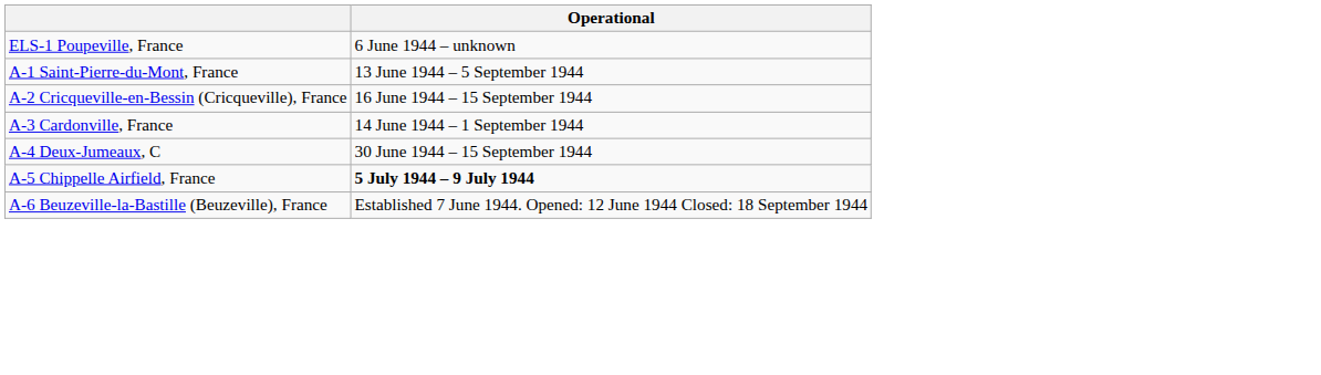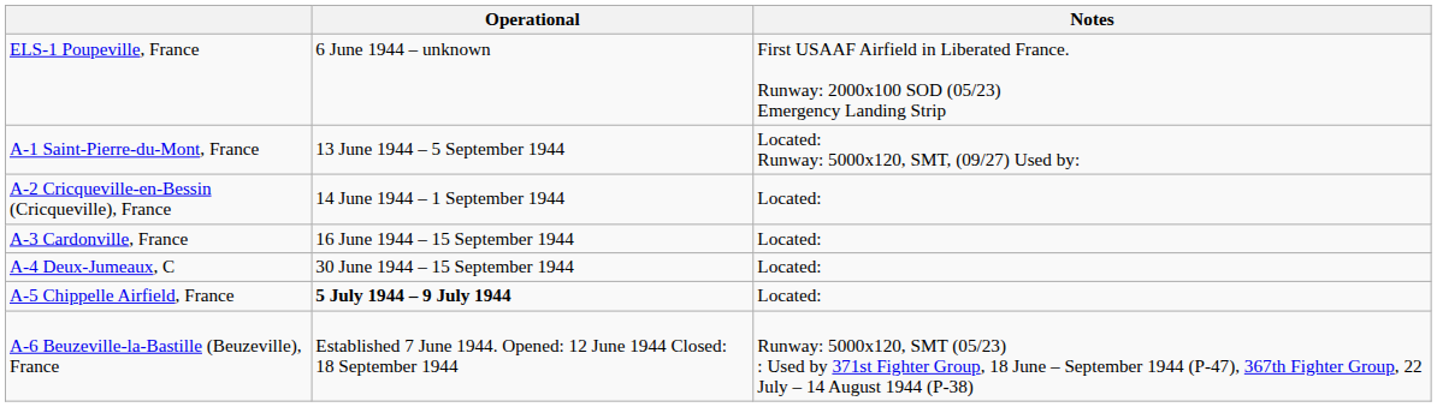 <table class="wikitable">
 <tr>
 <th></th>
 <th>Operational</th>
+<th>Notes</th>
 </tr>
 <tr valign=top>
 <td><a href='#'>ELS-1 Poupeville</a>, France</td>
 <td>6 June 1944 – unknown</td>
+<td>First USAAF Airfield in Liberated France.<br> <br>Runway: 2000x100 SOD (05/23)<br>Emergency Landing Strip</td>
 </tr>
 <tr>
 <td><a href='#'>A-1 Saint-Pierre-du-Mont</a>, France</td>
 <td>13 June 1944 – 5 September 1944</td>
+<td>Located: <br>Runway: 5000x120, SMT, (09/27) Used by:</td>
 </tr>
 <tr>
 <td><a href='#'>A-2 Cricqueville-en-Bessin</a> (Cricqueville), France</td>
-<td>16 June 1944 – 15 September 1944</td>
+<td>14 June 1944 – 1 September 1944</td>
+<td>Located: <br></td>
 </tr>
 <tr>
 <td><a href='#'>A-3 Cardonville</a>, France</td>
-<td>14 June 1944 – 1 September 1944</td>
+<td>16 June 1944 – 15 September 1944</td>
+<td>Located: <br></td>
 </tr>
 <tr>
 <td><a href='#'>A-4 Deux-Jumeaux</a>, C</td>
 <td>30 June 1944 – 15 September 1944</td>
+<td>Located: <br></td>
 </tr>
 <tr>
 <td><a href='#'>A-5 Chippelle Airfield</a>, France</td>
 <td><strong>5 July 1944 – 9 July 1944</strong></td>
+<td>Located: <br></td>
 </tr>
 <tr>
 <td><a href='#'>A-6 Beuzeville-la-Bastille</a> (Beuzeville), France</td>
 <td>Established 7 June 1944. Opened: 12 June 1944 Closed: 18 September 1944</td>
+<td> <br>Runway: 5000x120, SMT (05/23)<br>: Used by <a href='#'>371st Fighter Group</a>, 18 June – September 1944 (P-47), <a href='#'>367th Fighter Group</a>, 22 July – 14 August 1944 (P-38)</td>
 </tr>
 </table>
